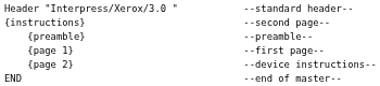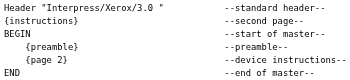 <table style="border-spacing: 2px; border: 0px; font-family:monospace; white-space:nowrap;">
 <tr>
 <td style="width: 320px;">Header "Interpress/Xerox/3.0 "</td>
 <td style="width: 210px;">--standard header--</td>
 </tr>
 <tr>
 <td>{instructions}</td>
 <td>--second page--</td>
 </tr>
 <tr>
+<td>BEGIN</td>
+<td>--start of master--</td>
+</tr>
+<tr>
 <td>     {preamble}</td>
 <td>--preamble--</td>
-</tr>
-<tr>
-<td>     {page 1}</td>
-<td>--first page--</td>
 </tr>
 <tr>
 <td>     {page 2}</td>
 <td>--device instructions--</td>
 </tr>
 <tr>
 <td>END</td>
 <td>--end of master--</td>
 </tr>
 </table>
